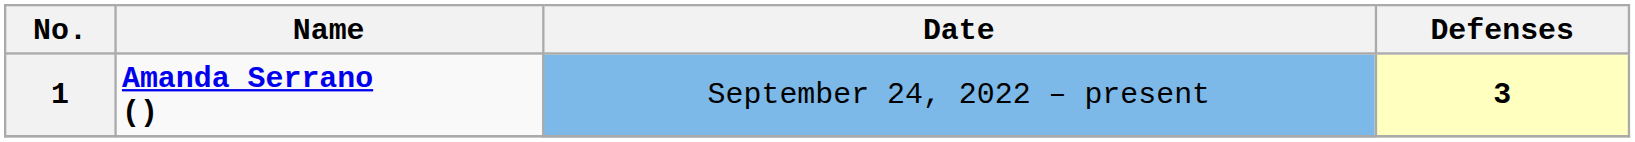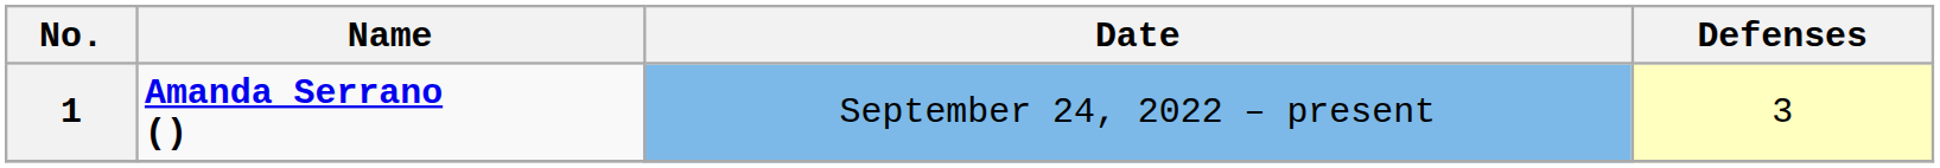 <table class="wikitable sortable" style="width:80%;">
 <tr>
 <th>No.</th>
 <th>Name</th>
 <th>Date</th>
 <th>Defenses</th>
 </tr>
 <tr align=center>
 <th>1</th>
 <td align=left><strong> <a href='#'>Amanda Serrano</a><br>()</strong></td>
 <td style="background:#7CB9E8;">September 24, 2022 – present</td>
-<td style="background:#ffffbf;"><strong>3</strong></td>
+<td style="background:#ffffbf;">3</td>
 </tr>
 <tr>
 </tr>
 </table>
